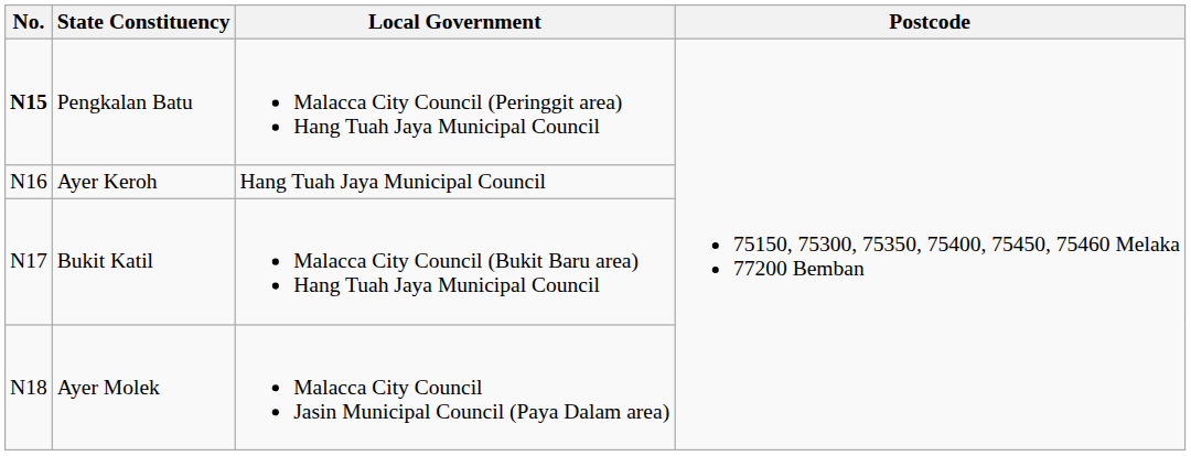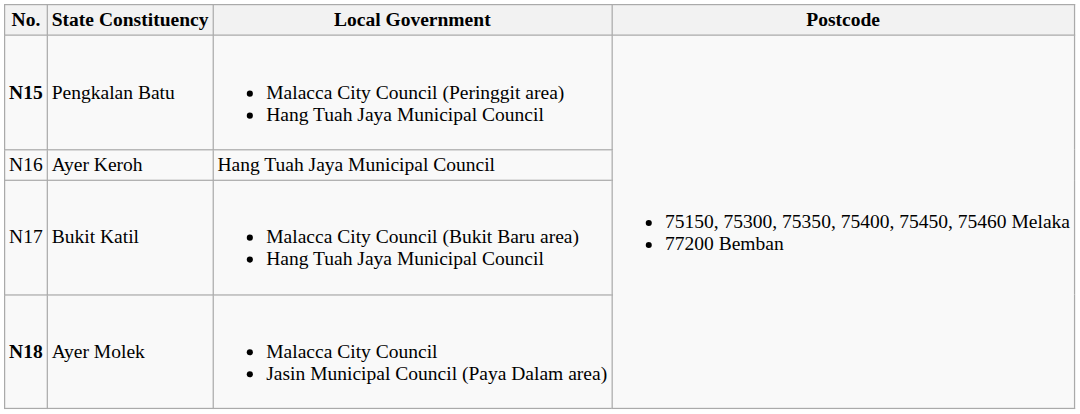 <table class="wikitable">
 <tr>
 <th>No.</th>
 <th>State Constituency</th>
 <th>Local Government</th>
 <th>Postcode</th>
 </tr>
 <tr>
 <td><strong>N15</strong></td>
 <td>Pengkalan Batu</td>
 <td><br><ul><li>Malacca City Council (Peringgit area)</li><li>Hang Tuah Jaya Municipal Council</li></ul></td>
 <td rowspan="4"><br><ul><li>75150, 75300, 75350, 75400, 75450, 75460 Melaka</li><li>77200 Bemban</li></ul></td>
 </tr>
 <tr>
 <td>N16</td>
 <td>Ayer Keroh</td>
 <td>Hang Tuah Jaya Municipal Council</td>
 </tr>
 <tr>
 <td>N17</td>
 <td>Bukit Katil</td>
 <td><br><ul><li>Malacca City Council (Bukit Baru area)</li><li>Hang Tuah Jaya Municipal Council</li></ul></td>
 </tr>
 <tr>
-<td>N18</td>
+<td><strong>N18</strong></td>
 <td>Ayer Molek</td>
 <td><br><ul><li>Malacca City Council</li><li>Jasin Municipal Council (Paya Dalam area)</li></ul></td>
 </tr>
 </table>
